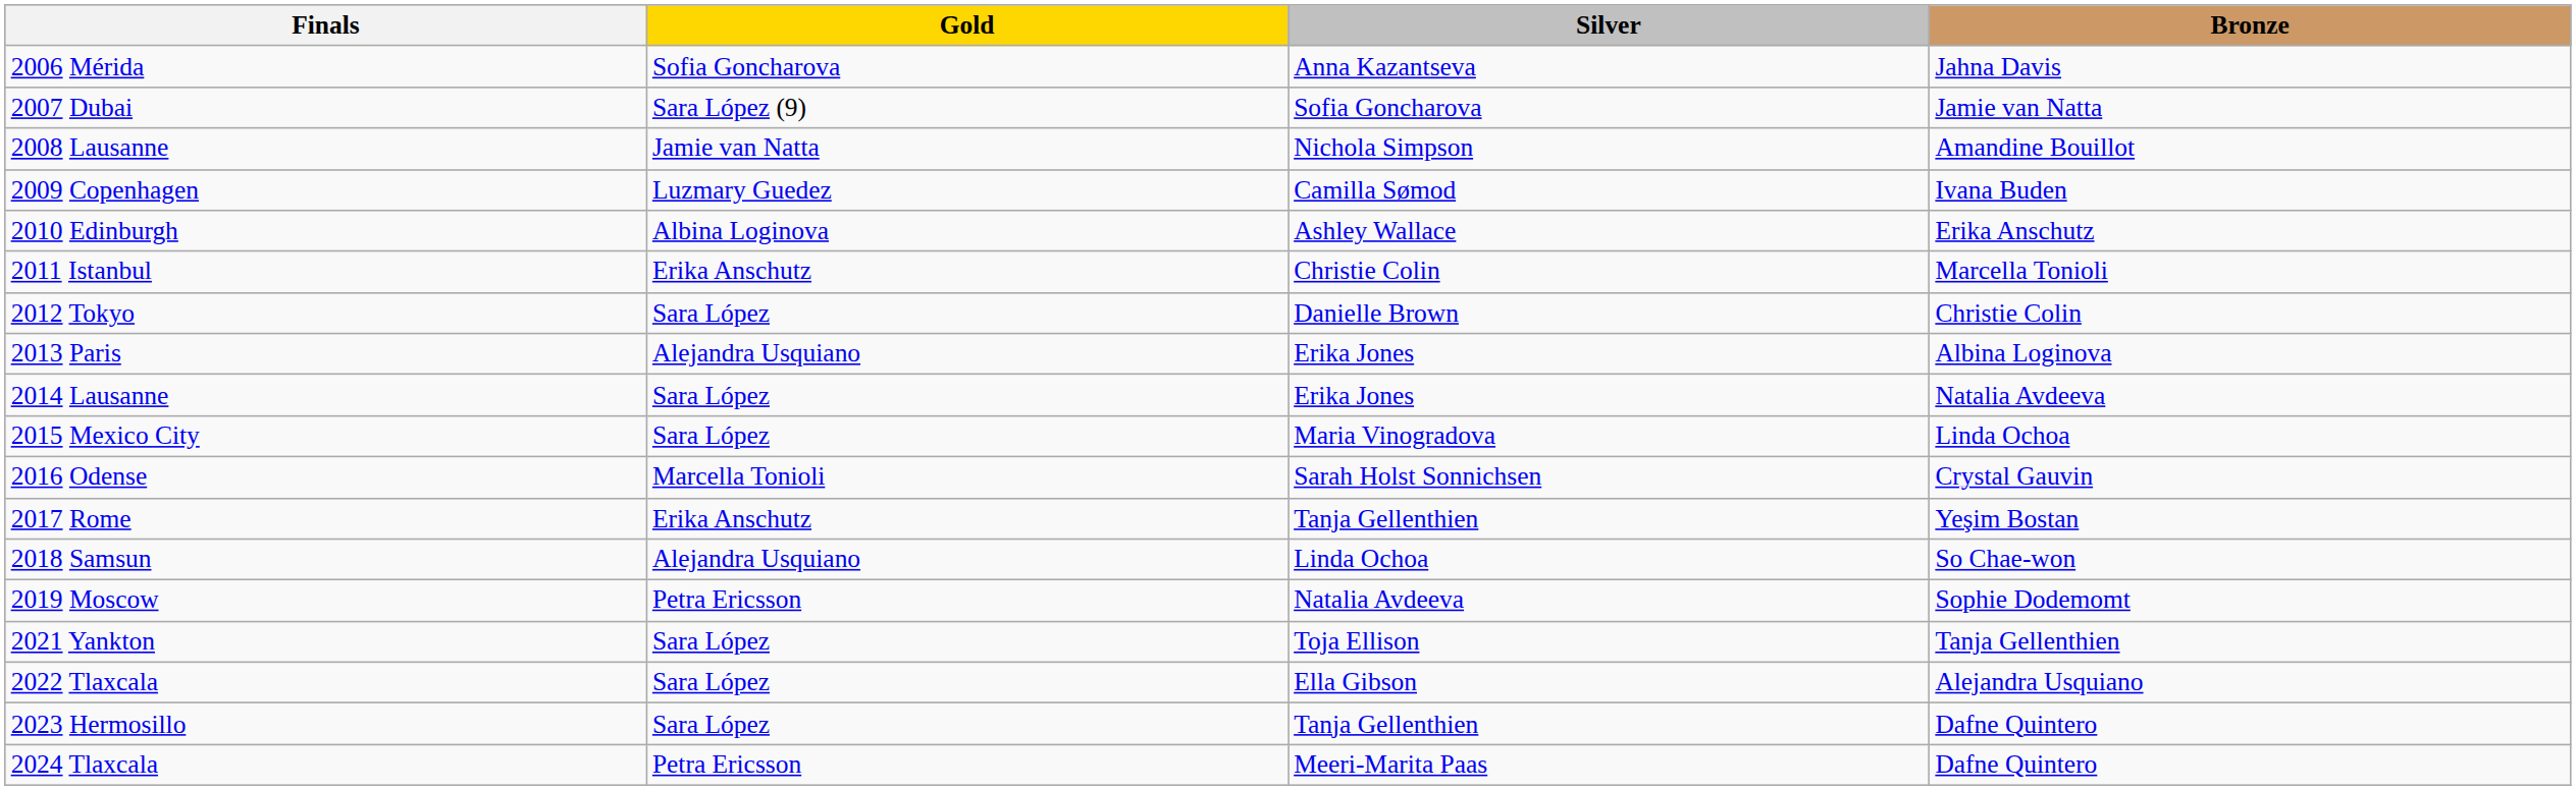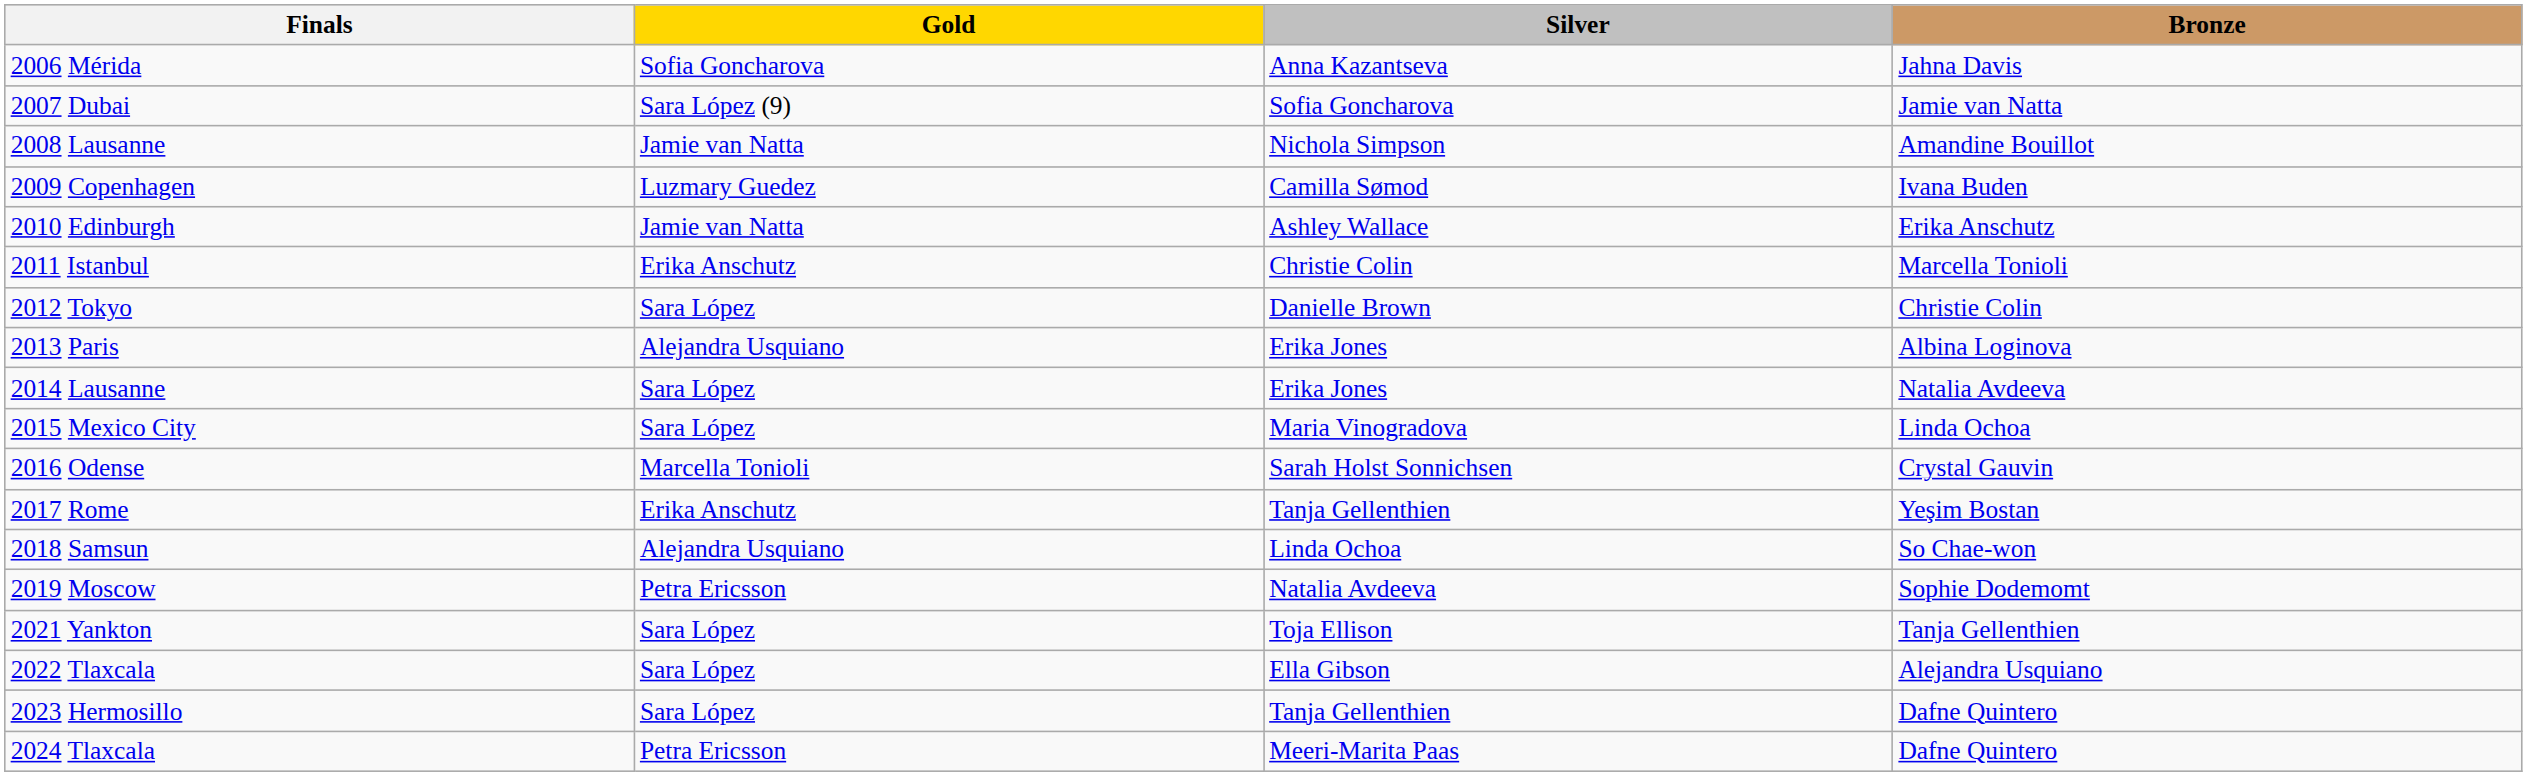 <table class="wikitable" style="width:100%">
 <tr>
 <th style="width:25%;">Finals</th>
 <th style="width:25%; background:gold">Gold</th>
 <th style="width:25%; background:silver">Silver</th>
 <th style="width:25%; background:#cc9966">Bronze</th>
 </tr>
 <tr>
 <td> <a href='#'>2006</a> <a href='#'>Mérida</a></td>
 <td> <a href='#'>Sofia Goncharova</a></td>
 <td> <a href='#'>Anna Kazantseva</a></td>
 <td> <a href='#'>Jahna Davis</a></td>
 </tr>
 <tr>
 <td> <a href='#'>2007</a> <a href='#'>Dubai</a></td>
 <td> <a href='#'>Sara López</a> (9)</td>
 <td> <a href='#'>Sofia Goncharova</a></td>
 <td> <a href='#'>Jamie van Natta</a></td>
 </tr>
 <tr>
 <td> <a href='#'>2008</a> <a href='#'>Lausanne</a></td>
 <td> <a href='#'>Jamie van Natta</a></td>
 <td> <a href='#'>Nichola Simpson</a></td>
 <td> <a href='#'>Amandine Bouillot</a></td>
 </tr>
 <tr>
 <td> <a href='#'>2009</a> <a href='#'>Copenhagen</a></td>
 <td> <a href='#'>Luzmary Guedez</a></td>
 <td> <a href='#'>Camilla Sømod</a></td>
 <td> <a href='#'>Ivana Buden</a></td>
 </tr>
 <tr>
 <td> <a href='#'>2010</a> <a href='#'>Edinburgh</a></td>
-<td> <a href='#'>Albina Loginova</a></td>
+<td> <a href='#'>Jamie van Natta</a></td>
 <td> <a href='#'>Ashley Wallace</a></td>
 <td> <a href='#'>Erika Anschutz</a></td>
 </tr>
 <tr>
 <td> <a href='#'>2011</a> <a href='#'>Istanbul</a></td>
 <td> <a href='#'>Erika Anschutz</a></td>
 <td> <a href='#'>Christie Colin</a></td>
 <td> <a href='#'>Marcella Tonioli</a></td>
 </tr>
 <tr>
 <td> <a href='#'>2012</a> <a href='#'>Tokyo</a></td>
 <td> <a href='#'>Sara López</a></td>
 <td> <a href='#'>Danielle Brown</a></td>
 <td> <a href='#'>Christie Colin</a></td>
 </tr>
 <tr>
 <td> <a href='#'>2013</a> <a href='#'>Paris</a></td>
 <td> <a href='#'>Alejandra Usquiano</a></td>
 <td> <a href='#'>Erika Jones</a></td>
 <td> <a href='#'>Albina Loginova</a></td>
 </tr>
 <tr>
 <td> <a href='#'>2014</a> <a href='#'>Lausanne</a></td>
 <td> <a href='#'>Sara López</a></td>
 <td> <a href='#'>Erika Jones</a></td>
 <td> <a href='#'>Natalia Avdeeva</a></td>
 </tr>
 <tr>
 <td> <a href='#'>2015</a> <a href='#'>Mexico City</a></td>
 <td> <a href='#'>Sara López</a></td>
 <td> <a href='#'>Maria Vinogradova</a></td>
 <td> <a href='#'>Linda Ochoa</a></td>
 </tr>
 <tr>
 <td> <a href='#'>2016</a> <a href='#'>Odense</a></td>
 <td> <a href='#'>Marcella Tonioli</a></td>
 <td> <a href='#'>Sarah Holst Sonnichsen</a></td>
 <td> <a href='#'>Crystal Gauvin</a></td>
 </tr>
 <tr>
 <td> <a href='#'>2017</a> <a href='#'>Rome</a></td>
 <td> <a href='#'>Erika Anschutz</a></td>
 <td> <a href='#'>Tanja Gellenthien</a></td>
 <td> <a href='#'>Yeşim Bostan</a></td>
 </tr>
 <tr>
 <td> <a href='#'>2018</a> <a href='#'>Samsun</a></td>
 <td> <a href='#'>Alejandra Usquiano</a></td>
 <td> <a href='#'>Linda Ochoa</a></td>
 <td> <a href='#'>So Chae-won</a></td>
 </tr>
 <tr>
 <td> <a href='#'>2019</a> <a href='#'>Moscow</a></td>
 <td> <a href='#'>Petra Ericsson</a></td>
 <td> <a href='#'>Natalia Avdeeva</a></td>
 <td> <a href='#'>Sophie Dodemomt</a></td>
 </tr>
 <tr>
 <td> <a href='#'>2021</a> <a href='#'>Yankton</a></td>
 <td> <a href='#'>Sara López</a></td>
 <td> <a href='#'>Toja Ellison</a></td>
 <td> <a href='#'>Tanja Gellenthien</a></td>
 </tr>
 <tr>
 <td> <a href='#'>2022</a> <a href='#'>Tlaxcala</a></td>
 <td> <a href='#'>Sara López</a></td>
 <td> <a href='#'>Ella Gibson</a></td>
 <td> <a href='#'>Alejandra Usquiano</a></td>
 </tr>
 <tr>
 <td> <a href='#'>2023</a> <a href='#'>Hermosillo</a></td>
 <td> <a href='#'>Sara López</a></td>
 <td> <a href='#'>Tanja Gellenthien</a></td>
 <td> <a href='#'>Dafne Quintero</a></td>
 </tr>
 <tr>
 <td> <a href='#'>2024</a> <a href='#'>Tlaxcala</a></td>
 <td> <a href='#'>Petra Ericsson</a></td>
 <td> <a href='#'>Meeri-Marita Paas</a></td>
 <td> <a href='#'>Dafne Quintero</a></td>
 </tr>
 </table>
